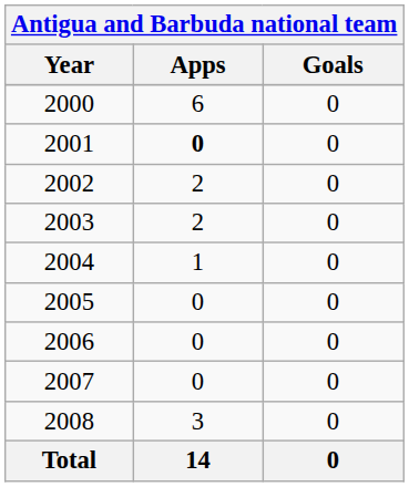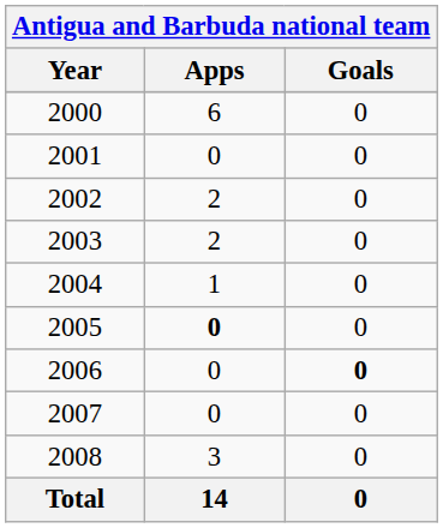 <table class="wikitable" style="text-align:center">
 <tr>
 <th colspan=3><a href='#'>Antigua and Barbuda national team</a></th>
 </tr>
 <tr>
 <th>Year</th>
 <th>Apps</th>
 <th>Goals</th>
 </tr>
 <tr>
 </tr>
 <tr>
 <td>2000</td>
 <td>6</td>
 <td>0</td>
 </tr>
 <tr>
 <td>2001</td>
-<td><strong>0</strong></td>
+<td>0</td>
 <td>0</td>
 </tr>
 <tr>
 <td>2002</td>
 <td>2</td>
 <td>0</td>
 </tr>
 <tr>
 <td>2003</td>
 <td>2</td>
 <td>0</td>
 </tr>
 <tr>
 <td>2004</td>
 <td>1</td>
 <td>0</td>
 </tr>
 <tr>
 <td>2005</td>
-<td>0</td>
+<td><strong>0</strong></td>
 <td>0</td>
 </tr>
 <tr>
 <td>2006</td>
 <td>0</td>
-<td>0</td>
+<td><strong>0</strong></td>
 </tr>
 <tr>
 <td>2007</td>
 <td>0</td>
 <td>0</td>
 </tr>
 <tr>
 <td>2008</td>
 <td>3</td>
 <td>0</td>
 </tr>
 <tr>
 <th>Total</th>
 <th>14</th>
 <th>0</th>
 </tr>
 </table>
